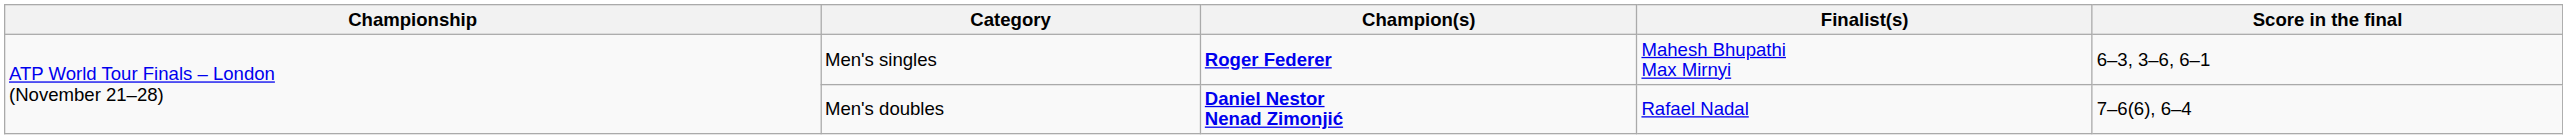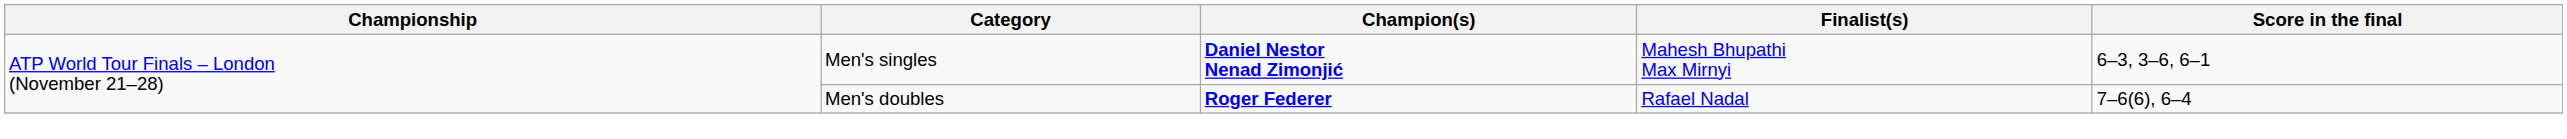 <table class="wikitable" style="font-size:90%;" width=100%>
 <tr>
 <th>Championship</th>
 <th>Category</th>
 <th>Champion(s)</th>
 <th>Finalist(s)</th>
 <th>Score in the final</th>
 </tr>
 <tr>
 <td rowspan="2"><a href='#'>ATP World Tour Finals – London</a><br>(November 21–28)</td>
 <td>Men's singles</td>
-<td> <strong><a href='#'>Roger Federer</a></strong></td>
+<td> <strong><a href='#'>Daniel Nestor</a></strong> <br> <strong><a href='#'>Nenad Zimonjić</a></strong></td>
 <td> <a href='#'>Mahesh Bhupathi</a> <br> <a href='#'>Max Mirnyi</a></td>
 <td>6–3, 3–6, 6–1</td>
 </tr>
 <tr>
 <td>Men's doubles</td>
-<td> <strong><a href='#'>Daniel Nestor</a></strong> <br> <strong><a href='#'>Nenad Zimonjić</a></strong></td>
+<td> <strong><a href='#'>Roger Federer</a></strong></td>
 <td> <a href='#'>Rafael Nadal</a></td>
 <td>7–6(6), 6–4</td>
 </tr>
 </table>
